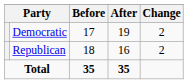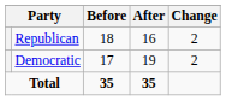 <table class="wikitable" style="text-align:center;">
 <tr>
 </tr>
 <tr>
 <th colspan=2>Party</th>
 <th>Before</th>
 <th>After</th>
 <th>Change</th>
 </tr>
 <tr>
 <th style="background-color:"></th>
-<td style="text-align:left;"><a href='#'>Democratic</a></td>
-<td>17</td>
-<td>19</td>
+<td style="text-align:left;"><a href='#'>Republican</a></td>
+<td>18</td>
+<td>16</td>
 <td> 2</td>
 </tr>
 <tr>
 <th style="background-color:"></th>
-<td style="text-align:left;"><a href='#'>Republican</a></td>
-<td>18</td>
-<td>16</td>
+<td style="text-align:left;"><a href='#'>Democratic</a></td>
+<td>17</td>
+<td>19</td>
 <td> 2</td>
 </tr>
 <tr>
 <td colspan=2><strong>Total</strong></td>
 <td><strong>35</strong></td>
 <td><strong>35</strong></td>
 <td></td>
 </tr>
 </table>
